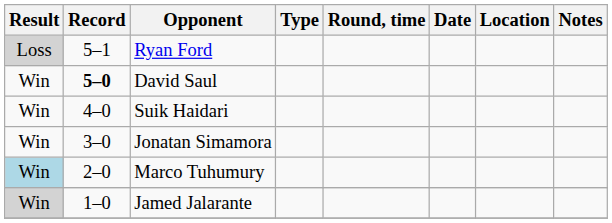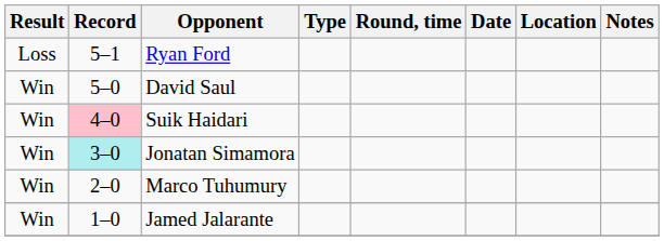 <table class="wikitable" style="text-align:center; font-size:95%">
 <tr>
 <th>Result</th>
 <th>Record</th>
 <th>Opponent</th>
 <th>Type</th>
 <th>Round, time</th>
 <th>Date</th>
 <th>Location</th>
 <th>Notes</th>
 </tr>
 <tr align=center>
-<td style="background: lightgrey;">Loss</td>
+<td>Loss</td>
 <td>5–1</td>
 <td align=left> <a href='#'>Ryan Ford</a></td>
 <td></td>
 <td></td>
 <td></td>
 <td align=left></td>
 <td align=left></td>
 </tr>
 <tr align=center>
 <td>Win</td>
-<td><strong>5–0</strong></td>
+<td>5–0</td>
 <td align=left> David Saul</td>
 <td></td>
 <td></td>
 <td></td>
 <td align=left></td>
 <td align=left></td>
 </tr>
 <tr align=center>
 <td>Win</td>
-<td>4–0</td>
+<td style="background: pink;">4–0</td>
 <td align=left> Suik Haidari</td>
 <td></td>
 <td></td>
 <td></td>
 <td align=left></td>
 <td align=left></td>
 </tr>
 <tr align=center>
 <td>Win</td>
-<td>3–0</td>
+<td style="background: paleturquoise;">3–0</td>
 <td align=left> Jonatan Simamora</td>
 <td></td>
 <td></td>
 <td></td>
 <td align=left></td>
 <td align=left></td>
 </tr>
 <tr align=center>
-<td style="background: lightblue;">Win</td>
+<td>Win</td>
 <td>2–0</td>
 <td align=left> Marco Tuhumury</td>
 <td></td>
 <td></td>
 <td></td>
 <td align=left></td>
 <td align=left></td>
 </tr>
 <tr>
 </tr>
 <tr align=center>
-<td style="background: lightgrey;">Win</td>
+<td>Win</td>
 <td>1–0</td>
 <td align=left> Jamed Jalarante</td>
 <td></td>
 <td></td>
 <td></td>
 <td align=left></td>
 <td align=left></td>
 </tr>
 <tr>
 </tr>
 </table>
